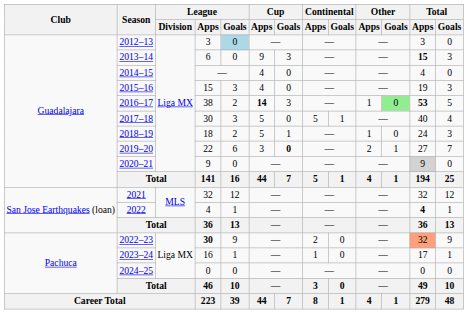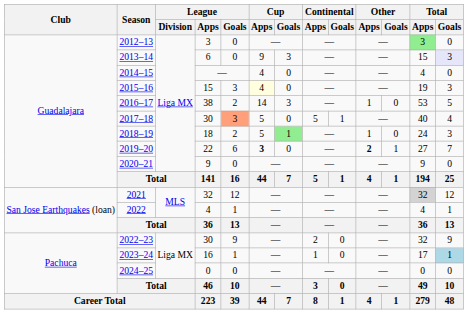 <table class="wikitable" style="text-align: center">
 <tr>
 <th rowspan=2>Club</th>
 <th rowspan=2>Season</th>
 <th colspan=3>League</th>
 <th colspan=2>Cup</th>
 <th colspan=2>Continental</th>
 <th colspan=2>Other</th>
 <th colspan=2>Total</th>
 </tr>
 <tr>
 <th>Division</th>
 <th>Apps</th>
 <th>Goals</th>
 <th>Apps</th>
 <th>Goals</th>
 <th>Apps</th>
 <th>Goals</th>
 <th>Apps</th>
 <th>Goals</th>
 <th>Apps</th>
 <th>Goals</th>
 </tr>
 <tr>
 <td rowspan="10"><a href='#'>Guadalajara</a></td>
 <td><a href='#'>2012–13</a></td>
 <td rowspan="9"><a href='#'>Liga MX</a></td>
 <td>3</td>
-<td style="background: lightblue;">0</td>
+<td>0</td>
 <td colspan="2">—</td>
 <td colspan="2">—</td>
 <td colspan="2">—</td>
-<td>3</td>
+<td style="background: lightgreen;">3</td>
 <td>0</td>
 </tr>
 <tr>
 <td><a href='#'>2013–14</a></td>
 <td>6</td>
 <td>0</td>
 <td>9</td>
 <td>3</td>
 <td colspan="2">—</td>
 <td colspan="2">—</td>
-<td><strong>15</strong></td>
-<td>3</td>
+<td>15</td>
+<td style="background: lavender;">3</td>
 </tr>
 <tr>
 <td><a href='#'>2014–15</a></td>
 <td colspan="2">—</td>
 <td>4</td>
 <td>0</td>
 <td colspan="2">—</td>
 <td colspan="2">—</td>
 <td>4</td>
 <td>0</td>
 </tr>
 <tr>
 <td><a href='#'>2015–16</a></td>
 <td>15</td>
 <td>3</td>
-<td>4</td>
+<td style="background: lightyellow;">4</td>
 <td>0</td>
 <td colspan="2">—</td>
 <td colspan="2">—</td>
 <td>19</td>
 <td>3</td>
 </tr>
 <tr>
 <td><a href='#'>2016–17</a></td>
 <td>38</td>
 <td>2</td>
-<td><strong>14</strong></td>
+<td>14</td>
 <td>3</td>
 <td colspan="2">—</td>
 <td>1</td>
-<td style="background: lightgreen;">0</td>
-<td><strong>53</strong></td>
+<td>0</td>
+<td>53</td>
 <td>5</td>
 </tr>
 <tr>
 <td><a href='#'>2017–18</a></td>
 <td>30</td>
-<td>3</td>
+<td style="background: lightsalmon;">3</td>
 <td>5</td>
 <td>0</td>
 <td>5</td>
 <td>1</td>
 <td colspan="2">—</td>
 <td>40</td>
 <td>4</td>
 </tr>
 <tr>
 <td><a href='#'>2018–19</a></td>
 <td>18</td>
 <td>2</td>
 <td>5</td>
-<td>1</td>
+<td style="background: lightgreen;">1</td>
 <td colspan="2">—</td>
 <td>1</td>
 <td>0</td>
 <td>24</td>
 <td>3</td>
 </tr>
 <tr>
 <td><a href='#'>2019–20</a></td>
 <td>22</td>
 <td>6</td>
-<td>3</td>
-<td><strong>0</strong></td>
+<td><strong>3</strong></td>
+<td>0</td>
 <td colspan="2">—</td>
-<td>2</td>
+<td><strong>2</strong></td>
 <td>1</td>
 <td>27</td>
 <td>7</td>
 </tr>
 <tr>
 <td><a href='#'>2020–21</a></td>
 <td>9</td>
 <td>0</td>
 <td colspan="2">—</td>
 <td colspan="2">—</td>
 <td colspan="2">—</td>
-<td style="background: lightgrey;">9</td>
+<td>9</td>
 <td>0</td>
 </tr>
 <tr>
 <th colspan="2">Total</th>
 <th>141</th>
 <th>16</th>
 <th>44</th>
 <th>7</th>
 <th>5</th>
 <th>1</th>
 <th>4</th>
 <th>1</th>
 <th>194</th>
 <th>25</th>
 </tr>
 <tr>
 <td rowspan="3"><a href='#'>San Jose Earthquakes</a> (loan)</td>
 <td><a href='#'>2021</a></td>
 <td rowspan="2"><a href='#'>MLS</a></td>
 <td>32</td>
 <td>12</td>
 <td colspan="2">—</td>
 <td colspan="2">—</td>
 <td colspan="2">—</td>
-<td>32</td>
+<td style="background: lightgrey;">32</td>
 <td>12</td>
 </tr>
 <tr>
 <td><a href='#'>2022</a></td>
 <td>4</td>
 <td>1</td>
 <td colspan="2">—</td>
 <td colspan="2">—</td>
 <td colspan="2">—</td>
-<td><strong>4</strong></td>
+<td>4</td>
 <td>1</td>
 </tr>
 <tr>
 <th colspan="2">Total</th>
 <th>36</th>
 <th>13</th>
 <th colspan="2">—</th>
 <th colspan="2">—</th>
 <th colspan="2">—</th>
 <th>36</th>
 <th>13</th>
 </tr>
 <tr>
 <td rowspan="4"><a href='#'>Pachuca</a></td>
 <td><a href='#'>2022–23</a></td>
 <td rowspan="3">Liga MX</td>
-<td><strong>30</strong></td>
+<td>30</td>
 <td>9</td>
 <td colspan="2">—</td>
 <td>2</td>
 <td>0</td>
 <td colspan="2">—</td>
-<td style="background: lightsalmon;">32</td>
+<td>32</td>
 <td>9</td>
 </tr>
 <tr>
 <td><a href='#'>2023–24</a></td>
 <td>16</td>
 <td>1</td>
 <td colspan="2">—</td>
 <td>1</td>
 <td>0</td>
 <td colspan="2">—</td>
 <td>17</td>
-<td>1</td>
+<td style="background: lightblue;">1</td>
 </tr>
 <tr>
 <td><a href='#'>2024–25</a></td>
 <td>0</td>
 <td>0</td>
 <td colspan="2">—</td>
 <td colspan="2">—</td>
 <td colspan="2">—</td>
 <td>0</td>
 <td>0</td>
 </tr>
 <tr>
 <th colspan="2">Total</th>
 <th>46</th>
 <th>10</th>
 <th colspan="2">—</th>
 <th>3</th>
 <th>0</th>
 <th colspan="2">—</th>
 <th>49</th>
 <th>10</th>
 </tr>
 <tr>
 <th colspan="3">Career Total</th>
 <th>223</th>
 <th>39</th>
 <th>44</th>
 <th>7</th>
 <th>8</th>
 <th>1</th>
 <th>4</th>
 <th>1</th>
 <th>279</th>
 <th>48</th>
 </tr>
 </table>
